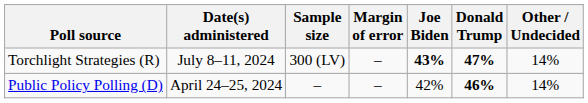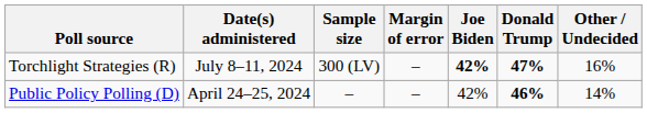 <table class="wikitable sortable mw-datatable" style="font-size:90%;text-align:center;line-height:17px">
 <tr valign=bottom>
 <th>Poll source</th>
 <th>Date(s)<br>administered</th>
 <th>Sample<br>size</th>
 <th>Margin<br>of error</th>
 <th class="unsortable">Joe<br>Biden<br></th>
 <th class="unsortable">Donald<br>Trump<br></th>
 <th class="unsortable">Other /<br>Undecided</th>
 </tr>
 <tr>
 <td style="text-align:left;">Torchlight Strategies (R)</td>
 <td>July 8–11, 2024</td>
 <td>300 (LV)</td>
 <td>–</td>
-<td><strong>43%</strong></td>
+<td><strong>42%</strong></td>
 <td><strong>47%</strong></td>
-<td>14%</td>
+<td>16%</td>
 </tr>
 <tr>
 <td style="text-align:left;"><a href='#'>Public Policy Polling (D)</a></td>
 <td>April 24–25, 2024</td>
 <td>–</td>
 <td>–</td>
 <td>42%</td>
 <td style="background-color:"><strong>46%</strong></td>
 <td>14%</td>
 </tr>
 </table>
